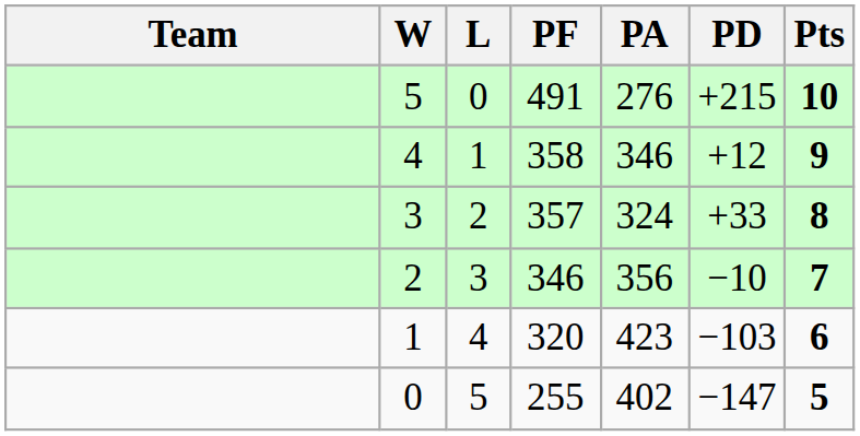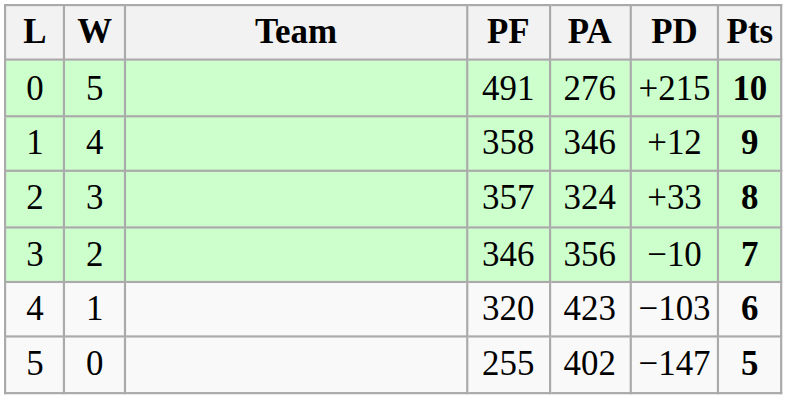 <table class="wikitable" style="text-align:center;">
 <tr>
+<th width=20>L</th>
+<th width=20>W</th>
 <th width=150>Team</th>
-<th width=20>W</th>
-<th width=20>L</th>
 <th width=30>PF</th>
 <th width=30>PA</th>
 <th width=30>PD</th>
 <th width=20>Pts</th>
 </tr>
 <tr bgcolor="#ccffcc">
+<td>0</td>
+<td>5</td>
 <td align="left"></td>
-<td>5</td>
-<td>0</td>
 <td>491</td>
 <td>276</td>
 <td>+215</td>
 <td><strong>10</strong></td>
 </tr>
 <tr bgcolor="#ccffcc">
+<td>1</td>
+<td>4</td>
 <td align="left"></td>
-<td>4</td>
-<td>1</td>
 <td>358</td>
 <td>346</td>
 <td>+12</td>
 <td><strong>9</strong></td>
 </tr>
 <tr bgcolor="#ccffcc">
+<td>2</td>
+<td>3</td>
 <td align="left"></td>
-<td>3</td>
-<td>2</td>
 <td>357</td>
 <td>324</td>
 <td>+33</td>
 <td><strong>8</strong></td>
 </tr>
 <tr bgcolor="#ccffcc">
+<td>3</td>
+<td>2</td>
 <td align="left"></td>
-<td>2</td>
-<td>3</td>
 <td>346</td>
 <td>356</td>
 <td>−10</td>
 <td><strong>7</strong></td>
 </tr>
 <tr>
+<td>4</td>
+<td>1</td>
 <td align="left"></td>
-<td>1</td>
-<td>4</td>
 <td>320</td>
 <td>423</td>
 <td>−103</td>
 <td><strong>6</strong></td>
 </tr>
 <tr>
+<td>5</td>
+<td>0</td>
 <td align="left"></td>
-<td>0</td>
-<td>5</td>
 <td>255</td>
 <td>402</td>
 <td>−147</td>
 <td><strong>5</strong></td>
 </tr>
 </table>
